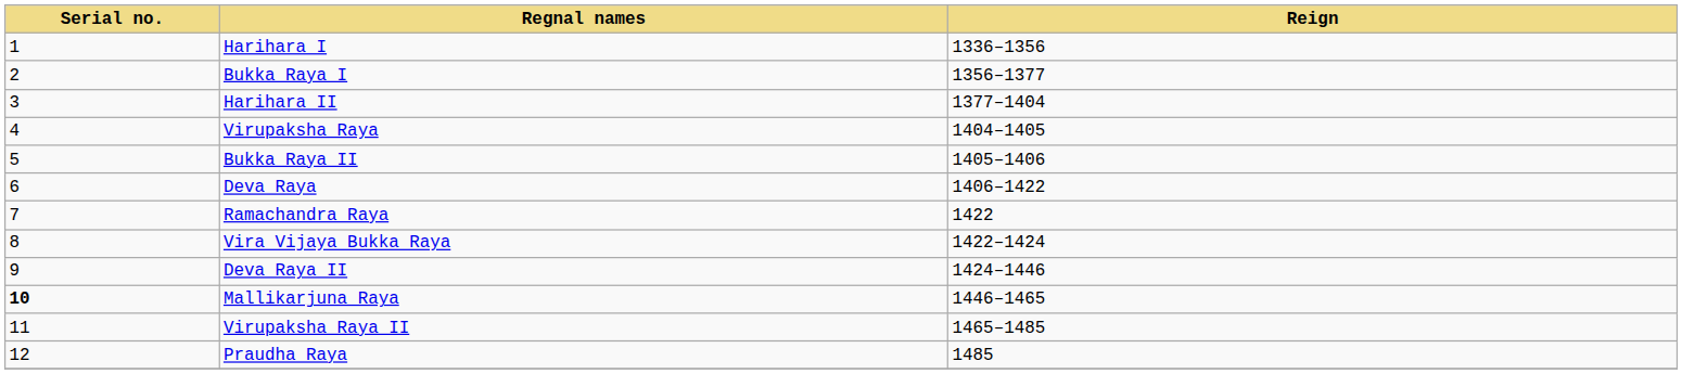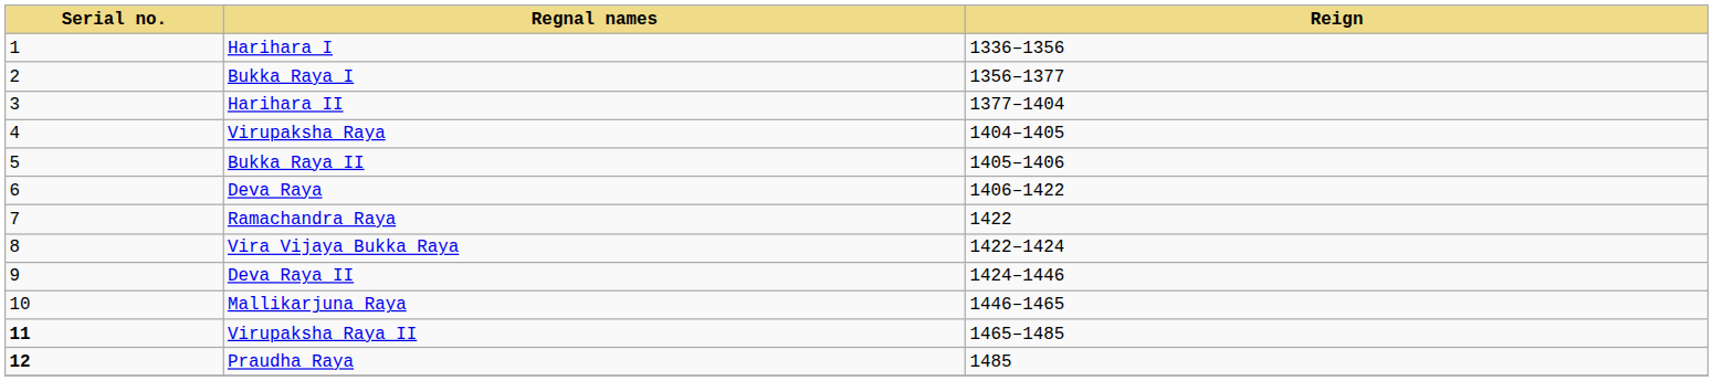 <table style="width:100%;" class="wikitable">
 <tr>
 <th style="background:#f0dc88; width:5%;">Serial no.</th>
 <th style="background:#f0dc88; width:17%;">Regnal names</th>
 <th style="background:#f0dc88; width:17%;">Reign</th>
 </tr>
 <tr>
 <td>1</td>
 <td><a href='#'>Harihara I</a></td>
 <td>1336–1356</td>
 </tr>
 <tr>
 <td>2</td>
 <td><a href='#'>Bukka Raya I</a></td>
 <td>1356–1377</td>
 </tr>
 <tr>
 <td>3</td>
 <td><a href='#'>Harihara II</a></td>
 <td>1377–1404</td>
 </tr>
 <tr>
 <td>4</td>
 <td><a href='#'>Virupaksha Raya</a></td>
 <td>1404–1405</td>
 </tr>
 <tr>
 <td>5</td>
 <td><a href='#'>Bukka Raya II</a></td>
 <td>1405–1406</td>
 </tr>
 <tr>
 <td>6</td>
 <td><a href='#'>Deva Raya</a></td>
 <td>1406–1422</td>
 </tr>
 <tr>
 <td>7</td>
 <td><a href='#'>Ramachandra Raya</a></td>
 <td>1422</td>
 </tr>
 <tr>
 <td>8</td>
 <td><a href='#'>Vira Vijaya Bukka Raya</a></td>
 <td>1422–1424</td>
 </tr>
 <tr>
 <td>9</td>
 <td><a href='#'>Deva Raya II</a></td>
 <td>1424–1446</td>
 </tr>
 <tr>
-<td><strong>10</strong></td>
+<td>10</td>
 <td><a href='#'>Mallikarjuna Raya</a></td>
 <td>1446–1465</td>
 </tr>
 <tr>
-<td>11</td>
+<td><strong>11</strong></td>
 <td><a href='#'>Virupaksha Raya II</a></td>
 <td>1465–1485</td>
 </tr>
 <tr>
-<td>12</td>
+<td><strong>12</strong></td>
 <td><a href='#'>Praudha Raya</a></td>
 <td>1485</td>
 </tr>
 <tr>
 </tr>
 </table>
